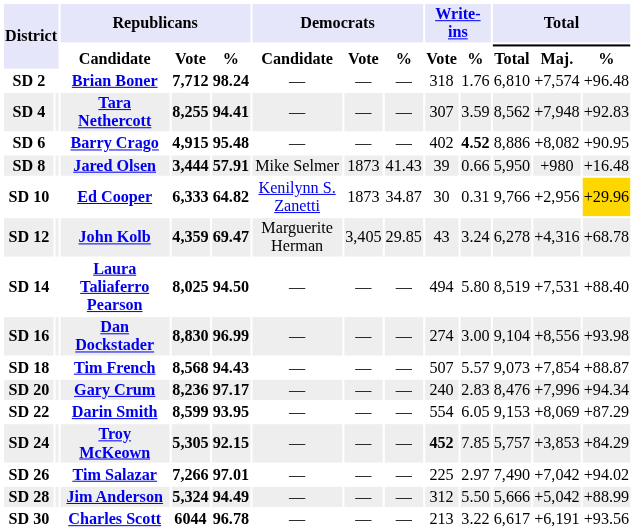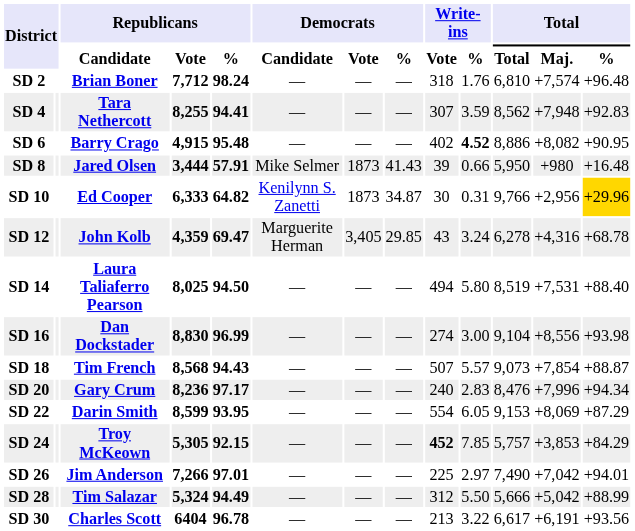 <table class="toccolours sortable" style="text-align:center;">
 <tr style="background:lavender">
 <th rowspan="3" colspan="2">District</th>
 <th colspan=3>Republicans</th>
 <th colspan=3>Democrats</th>
 <th colspan=2><a href='#'>Write-ins</a></th>
 <th colspan=3>Total</th>
 </tr>
 <tr>
 <th colspan=3 style="background-color:"></th>
 <th colspan=3 style="background-color:"></th>
 <th colspan=2 style="background-color:#ffffff"></th>
 <th colspan=3 style="background-color:#000000"></th>
 </tr>
 <tr>
 <th align="center">Candidate</th>
 <th align="center">Vote</th>
 <th align="center">%</th>
 <th align="center">Candidate</th>
 <th align="center">Vote</th>
 <th align="center">%</th>
 <th align="center">Vote</th>
 <th align="center">%</th>
 <th align="center">Total</th>
 <th align="center">Maj.</th>
 <th align="center">%</th>
 </tr>
 <tr>
 <th>SD 2</th>
 <td style="background-color:"></td>
 <td><strong><a href='#'>Brian Boner</a></strong></td>
 <td><strong>7,712</strong></td>
 <td><strong>98.24</strong></td>
 <td>—</td>
 <td>—</td>
 <td>—</td>
 <td>318</td>
 <td>1.76</td>
 <td>6,810</td>
 <td>+7,574</td>
 <td>+96.48</td>
 </tr>
 <tr style="background:#EEEEEE;">
 <th>SD 4</th>
 <td style="background-color:"></td>
 <td><strong><a href='#'>Tara Nethercott</a></strong></td>
 <td><strong>8,255</strong></td>
 <td><strong>94.41</strong></td>
 <td>—</td>
 <td>—</td>
 <td>—</td>
 <td>307</td>
 <td>3.59</td>
 <td>8,562</td>
 <td>+7,948</td>
 <td>+92.83</td>
 </tr>
 <tr>
 <th>SD 6</th>
 <td style="background-color:"></td>
 <td><strong><a href='#'>Barry Crago</a></strong></td>
 <td><strong>4,915</strong></td>
 <td><strong>95.48</strong></td>
 <td>—</td>
 <td>—</td>
 <td>—</td>
 <td>402</td>
 <td><strong>4.52</strong></td>
 <td>8,886</td>
 <td>+8,082</td>
 <td>+90.95</td>
 </tr>
 <tr style="background:#EEEEEE;">
 <th>SD 8</th>
 <td style="background-color:"></td>
 <td><strong><a href='#'>Jared Olsen</a></strong></td>
 <td><strong>3,444</strong></td>
 <td><strong>57.91</strong></td>
 <td>Mike Selmer</td>
 <td>1873</td>
 <td>41.43</td>
 <td>39</td>
 <td>0.66</td>
 <td>5,950</td>
 <td>+980</td>
 <td>+16.48</td>
 </tr>
 <tr>
 <th>SD 10</th>
 <td style="background-color:"></td>
 <td><strong><a href='#'>Ed Cooper</a></strong></td>
 <td><strong>6,333</strong></td>
 <td><strong>64.82</strong></td>
 <td><a href='#'>Kenilynn S. Zanetti</a></td>
 <td>1873</td>
 <td>34.87</td>
 <td>30</td>
 <td>0.31</td>
 <td>9,766</td>
 <td>+2,956</td>
 <td style="background: gold;">+29.96</td>
 </tr>
 <tr style="background:#EEEEEE;">
 <th>SD 12</th>
 <td style="background-color:"></td>
 <td><strong><a href='#'>John Kolb</a></strong></td>
 <td><strong>4,359</strong></td>
 <td><strong>69.47</strong></td>
 <td>Marguerite Herman</td>
 <td>3,405</td>
 <td>29.85</td>
 <td>43</td>
 <td>3.24</td>
 <td>6,278</td>
 <td>+4,316</td>
 <td>+68.78</td>
 </tr>
 <tr>
 <th>SD 14</th>
 <td style="background-color:"></td>
 <td><strong><a href='#'>Laura Taliaferro Pearson</a></strong></td>
 <td><strong>8,025</strong></td>
 <td><strong>94.50</strong></td>
 <td>—</td>
 <td>—</td>
 <td>—</td>
 <td>494</td>
 <td>5.80</td>
 <td>8,519</td>
 <td>+7,531</td>
 <td>+88.40</td>
 </tr>
 <tr style="background:#EEEEEE;">
 <th>SD 16</th>
 <td style="background-color:"></td>
 <td><strong><a href='#'>Dan Dockstader</a></strong></td>
 <td><strong>8,830</strong></td>
 <td><strong>96.99</strong></td>
 <td>—</td>
 <td>—</td>
 <td>—</td>
 <td>274</td>
 <td>3.00</td>
 <td>9,104</td>
 <td>+8,556</td>
 <td>+93.98</td>
 </tr>
 <tr>
 <th>SD 18</th>
 <td style="background-color:"></td>
 <td><strong><a href='#'>Tim French</a></strong></td>
 <td><strong>8,568</strong></td>
 <td><strong>94.43</strong></td>
 <td>—</td>
 <td>—</td>
 <td>—</td>
 <td>507</td>
 <td>5.57</td>
 <td>9,073</td>
 <td>+7,854</td>
 <td>+88.87</td>
 </tr>
 <tr style="background:#EEEEEE;">
 <th>SD 20</th>
 <td style="background-color:"></td>
 <td><strong><a href='#'>Gary Crum</a></strong></td>
 <td><strong>8,236</strong></td>
 <td><strong>97.17</strong></td>
 <td>—</td>
 <td>—</td>
 <td>—</td>
 <td>240</td>
 <td>2.83</td>
 <td>8,476</td>
 <td>+7,996</td>
 <td>+94.34</td>
 </tr>
 <tr>
 <th>SD 22</th>
 <td style="background-color:"></td>
 <td><strong><a href='#'>Darin Smith</a></strong></td>
 <td><strong>8,599</strong></td>
 <td><strong>93.95</strong></td>
 <td>—</td>
 <td>—</td>
 <td>—</td>
 <td>554</td>
 <td>6.05</td>
 <td>9,153</td>
 <td>+8,069</td>
 <td>+87.29</td>
 </tr>
 <tr style="background:#EEEEEE;">
 <th>SD 24</th>
 <td style="background-color:"></td>
 <td><strong><a href='#'>Troy McKeown</a></strong></td>
 <td><strong>5,305</strong></td>
 <td><strong>92.15</strong></td>
 <td>—</td>
 <td>—</td>
 <td>—</td>
 <td><strong>452</strong></td>
 <td>7.85</td>
 <td>5,757</td>
 <td>+3,853</td>
 <td>+84.29</td>
 </tr>
 <tr>
 <th>SD 26</th>
 <td style="background-color:"></td>
-<td><strong><a href='#'>Tim Salazar</a></strong></td>
+<td><strong><a href='#'>Jim Anderson</a></strong></td>
 <td><strong>7,266</strong></td>
 <td><strong>97.01</strong></td>
 <td>—</td>
 <td>—</td>
 <td>—</td>
 <td>225</td>
 <td>2.97</td>
 <td>7,490</td>
 <td>+7,042</td>
-<td>+94.02</td>
+<td>+94.01</td>
 </tr>
 <tr style="background:#EEEEEE;">
 <th>SD 28</th>
 <td style="background-color:"></td>
-<td><strong><a href='#'>Jim Anderson</a></strong></td>
+<td><strong><a href='#'>Tim Salazar</a></strong></td>
 <td><strong>5,324</strong></td>
 <td><strong>94.49</strong></td>
 <td>—</td>
 <td>—</td>
 <td>—</td>
 <td>312</td>
 <td>5.50</td>
 <td>5,666</td>
 <td>+5,042</td>
 <td>+88.99</td>
 </tr>
 <tr>
 <th>SD 30</th>
 <td style="background-color:"></td>
 <td><strong><a href='#'>Charles Scott</a></strong></td>
-<td><strong>6044</strong></td>
+<td><strong>6404</strong></td>
 <td><strong>96.78</strong></td>
 <td>—</td>
 <td>—</td>
 <td>—</td>
 <td>213</td>
 <td>3.22</td>
 <td>6,617</td>
 <td>+6,191</td>
 <td>+93.56</td>
 </tr>
 </table>
